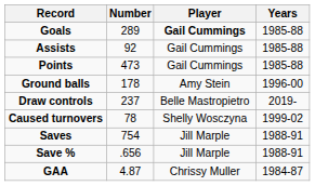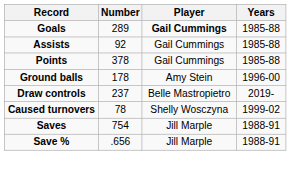 <table class="wikitable">
 <tr>
 <th style="width:140px; ">Record</th>
 <th style="width:35px; ">Number</th>
 <th style="width:140px; ">Player</th>
 <th style="width:70px; ">Years</th>
 </tr>
 <tr style="text-align:center;">
 <td><strong>Goals</strong></td>
 <td>289</td>
 <td><strong>Gail Cummings</strong></td>
 <td>1985-88</td>
 </tr>
 <tr style="text-align:center;">
 <td><strong>Assists</strong></td>
 <td>92</td>
 <td>Gail Cummings</td>
 <td>1985-88</td>
 </tr>
 <tr style="text-align:center;">
 <td><strong>Points</strong></td>
-<td>473</td>
+<td>378</td>
 <td>Gail Cummings</td>
 <td>1985-88</td>
 </tr>
 <tr style="text-align:center;">
 <td><strong>Ground balls</strong></td>
 <td>178</td>
 <td>Amy Stein</td>
 <td>1996-00</td>
 </tr>
 <tr style="text-align:center;">
 <td><strong>Draw controls</strong></td>
 <td>237</td>
 <td>Belle Mastropietro</td>
 <td>2019-</td>
 </tr>
 <tr style="text-align:center;">
 <td><strong>Caused turnovers</strong></td>
 <td>78</td>
 <td>Shelly Wosczyna</td>
 <td>1999-02</td>
 </tr>
 <tr style="text-align:center;">
 <td><strong>Saves</strong></td>
 <td>754</td>
 <td>Jill Marple</td>
 <td>1988-91</td>
 </tr>
 <tr style="text-align:center;">
 <td><strong>Save %</strong></td>
 <td>.656</td>
 <td>Jill Marple</td>
 <td>1988-91</td>
 </tr>
-<tr style="text-align:center;">
-<td><strong>GAA</strong></td>
-<td>4.87</td>
-<td>Chrissy Muller</td>
-<td>1984-87</td>
-</tr>
 </table>
